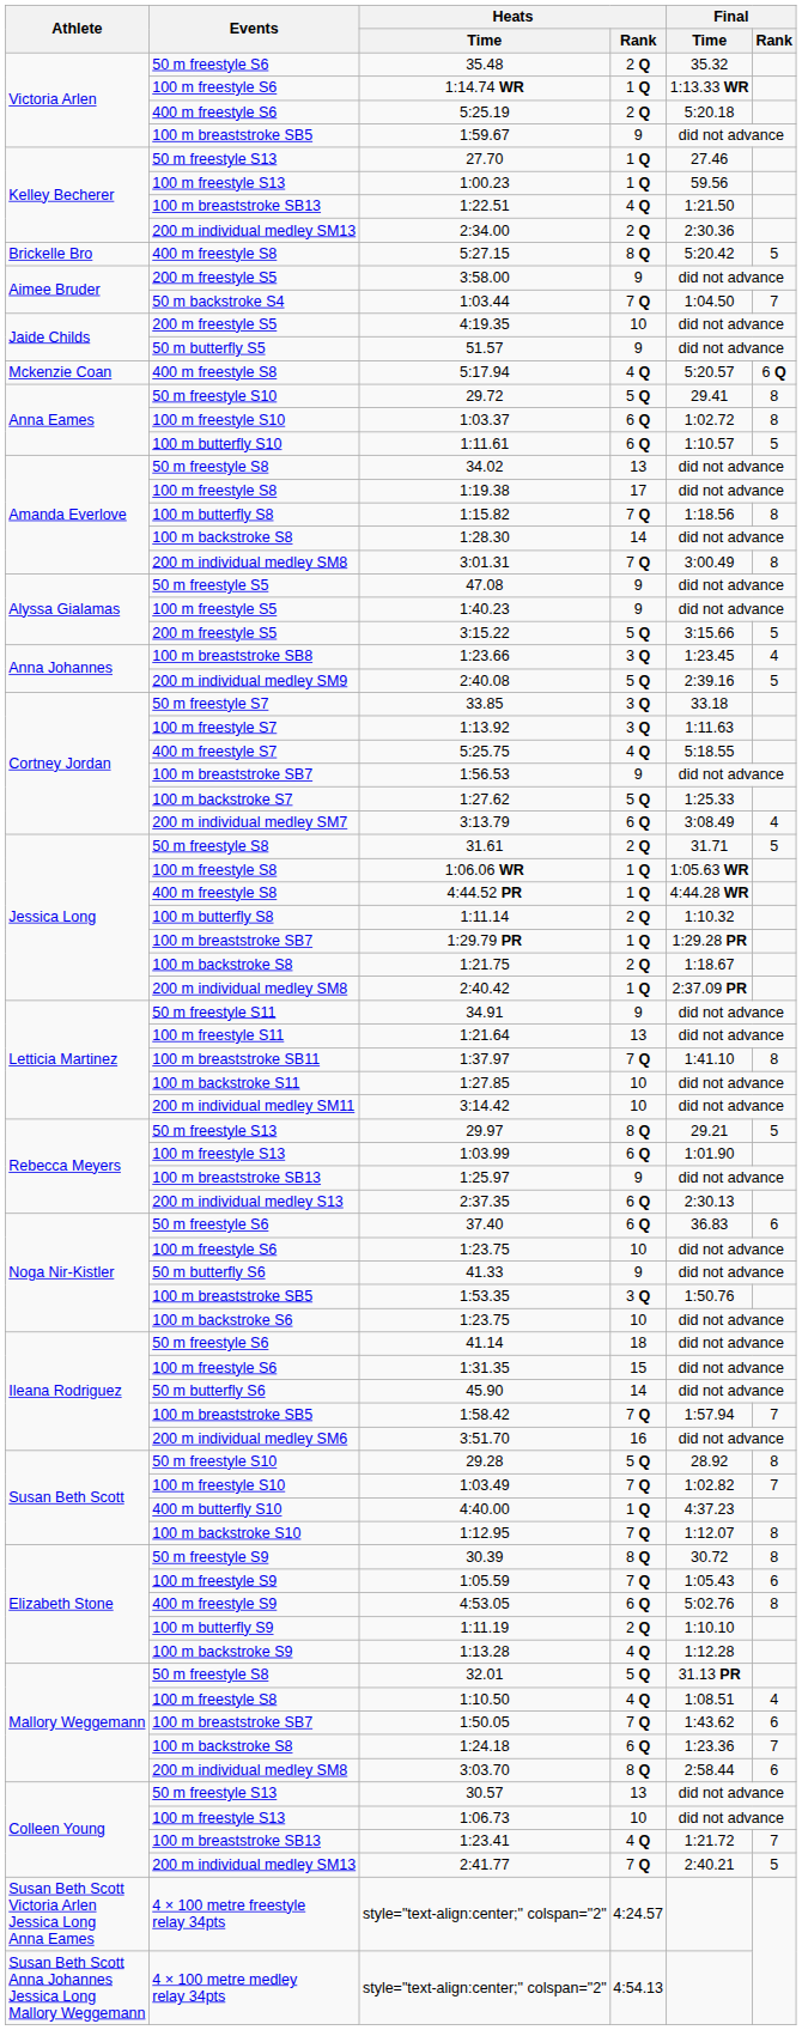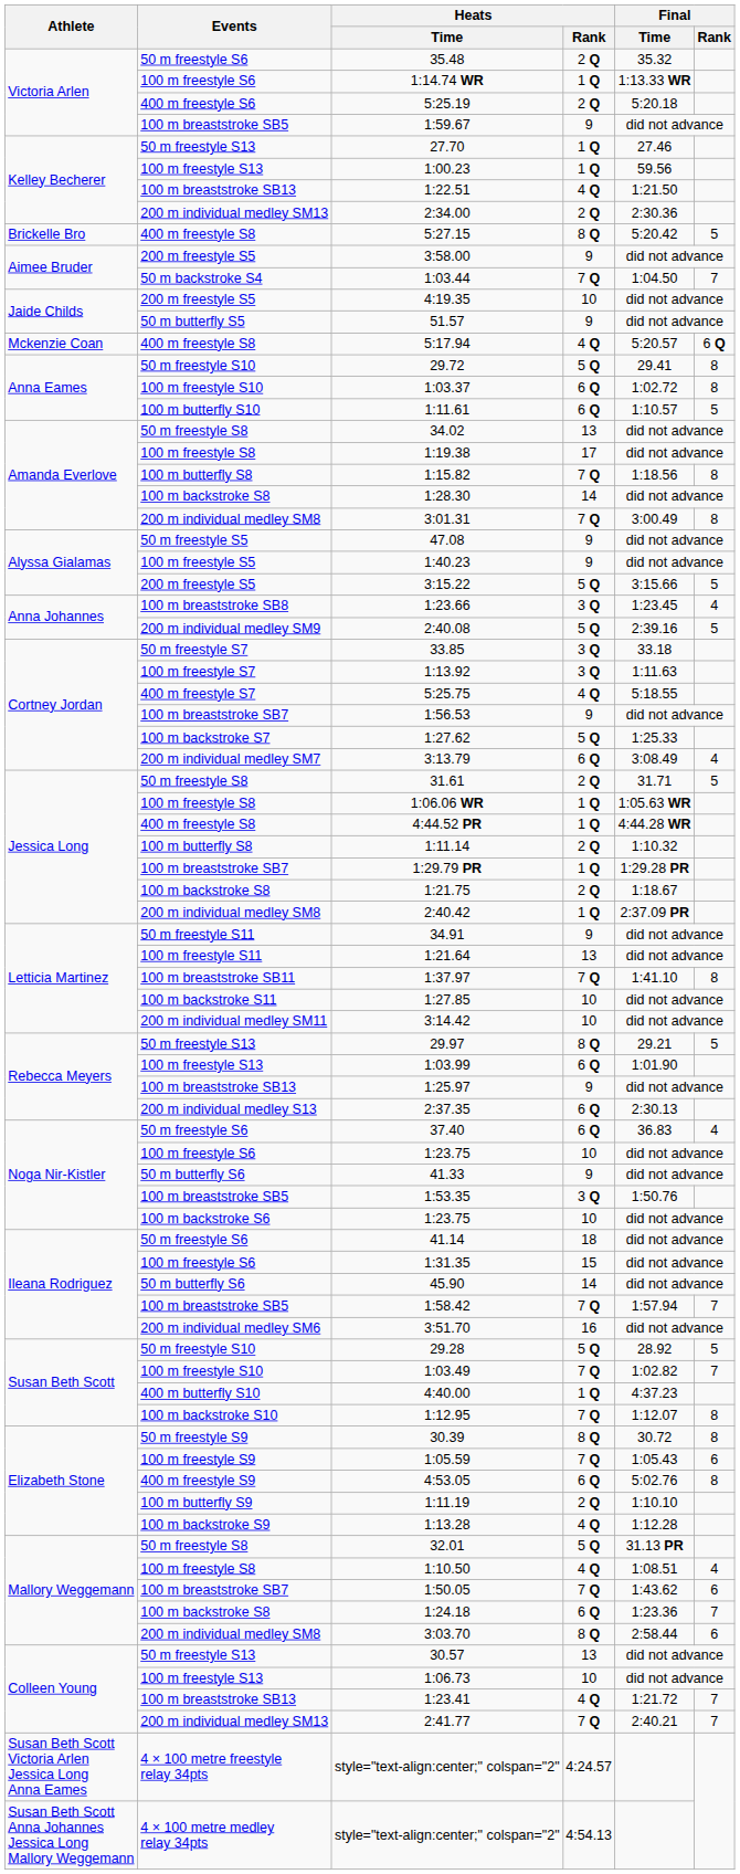 <table class=wikitable>
 <tr>
 <th rowspan="2">Athlete</th>
 <th rowspan="2">Events</th>
 <th colspan="2">Heats</th>
 <th colspan="2">Final</th>
 </tr>
 <tr>
 <th>Time</th>
 <th>Rank</th>
 <th>Time</th>
 <th>Rank</th>
 </tr>
 <tr>
 <td rowspan="4"><a href='#'>Victoria Arlen</a></td>
 <td><a href='#'>50 m freestyle S6</a></td>
 <td style="text-align:center;">35.48</td>
 <td style="text-align:center;">2 <strong>Q</strong></td>
 <td style="text-align:center;">35.32</td>
 <td style="text-align:center;"></td>
 </tr>
 <tr>
 <td><a href='#'>100 m freestyle S6</a></td>
 <td style="text-align:center;">1:14.74 <strong>WR</strong></td>
 <td style="text-align:center;">1 <strong>Q</strong></td>
 <td style="text-align:center;">1:13.33 <strong>WR</strong></td>
 <td style="text-align:center;"></td>
 </tr>
 <tr>
 <td><a href='#'>400 m freestyle S6</a></td>
 <td style="text-align:center;">5:25.19</td>
 <td style="text-align:center;">2 <strong>Q</strong></td>
 <td style="text-align:center;">5:20.18</td>
 <td style="text-align:center;"></td>
 </tr>
 <tr>
 <td><a href='#'>100 m breaststroke SB5</a></td>
 <td style="text-align:center;">1:59.67</td>
 <td style="text-align:center;">9</td>
 <td style="text-align:center;" colspan="2">did not advance</td>
 </tr>
 <tr>
 <td rowspan="4"><a href='#'>Kelley Becherer</a></td>
 <td><a href='#'>50 m freestyle S13</a></td>
 <td style="text-align:center;">27.70</td>
 <td style="text-align:center;">1 <strong>Q</strong></td>
 <td style="text-align:center;">27.46</td>
 <td style="text-align:center;"></td>
 </tr>
 <tr>
 <td><a href='#'>100 m freestyle S13</a></td>
 <td style="text-align:center;">1:00.23</td>
 <td style="text-align:center;">1 <strong>Q</strong></td>
 <td style="text-align:center;">59.56</td>
 <td style="text-align:center;"></td>
 </tr>
 <tr>
 <td><a href='#'>100 m breaststroke SB13</a></td>
 <td style="text-align:center;">1:22.51</td>
 <td style="text-align:center;">4 <strong>Q</strong></td>
 <td style="text-align:center;">1:21.50</td>
 <td style="text-align:center;"></td>
 </tr>
 <tr>
 <td><a href='#'>200 m individual medley SM13</a></td>
 <td style="text-align:center;">2:34.00</td>
 <td style="text-align:center;">2 <strong>Q</strong></td>
 <td style="text-align:center;">2:30.36</td>
 <td style="text-align:center;"></td>
 </tr>
 <tr>
 <td><a href='#'>Brickelle Bro</a></td>
 <td><a href='#'>400 m freestyle S8</a></td>
 <td style="text-align:center;">5:27.15</td>
 <td style="text-align:center;">8 <strong>Q</strong></td>
 <td style="text-align:center;">5:20.42</td>
 <td style="text-align:center;">5</td>
 </tr>
 <tr>
 <td rowspan="2"><a href='#'>Aimee Bruder</a></td>
 <td><a href='#'>200 m freestyle S5</a></td>
 <td style="text-align:center;">3:58.00</td>
 <td style="text-align:center;">9</td>
 <td style="text-align:center;" colspan="2">did not advance</td>
 </tr>
 <tr>
 <td><a href='#'>50 m backstroke S4</a></td>
 <td style="text-align:center;">1:03.44</td>
 <td style="text-align:center;">7 <strong>Q</strong></td>
 <td style="text-align:center;">1:04.50</td>
 <td style="text-align:center;">7</td>
 </tr>
 <tr>
 <td rowspan="2"><a href='#'>Jaide Childs</a></td>
 <td><a href='#'>200 m freestyle S5</a></td>
 <td style="text-align:center;">4:19.35</td>
 <td style="text-align:center;">10</td>
 <td style="text-align:center;" colspan="2">did not advance</td>
 </tr>
 <tr>
 <td><a href='#'>50 m butterfly S5</a></td>
 <td style="text-align:center;">51.57</td>
 <td style="text-align:center;">9</td>
 <td style="text-align:center;" colspan="2">did not advance</td>
 </tr>
 <tr>
 <td><a href='#'>Mckenzie Coan</a></td>
 <td><a href='#'>400 m freestyle S8</a></td>
 <td style="text-align:center;">5:17.94</td>
 <td style="text-align:center;">4 <strong>Q</strong></td>
 <td style="text-align:center;">5:20.57</td>
 <td style="text-align:center;">6 <strong>Q</strong></td>
 </tr>
 <tr>
 <td rowspan="3"><a href='#'>Anna Eames</a></td>
 <td><a href='#'>50 m freestyle S10</a></td>
 <td style="text-align:center;">29.72</td>
 <td style="text-align:center;">5 <strong>Q</strong></td>
 <td style="text-align:center;">29.41</td>
 <td style="text-align:center;">8</td>
 </tr>
 <tr>
 <td><a href='#'>100 m freestyle S10</a></td>
 <td style="text-align:center;">1:03.37</td>
 <td style="text-align:center;">6 <strong>Q</strong></td>
 <td style="text-align:center;">1:02.72</td>
 <td style="text-align:center;">8</td>
 </tr>
 <tr>
 <td><a href='#'>100 m butterfly S10</a></td>
 <td style="text-align:center;">1:11.61</td>
 <td style="text-align:center;">6 <strong>Q</strong></td>
 <td style="text-align:center;">1:10.57</td>
 <td style="text-align:center;">5</td>
 </tr>
 <tr>
 <td rowspan="5"><a href='#'>Amanda Everlove</a></td>
 <td><a href='#'>50 m freestyle S8</a></td>
 <td style="text-align:center;">34.02</td>
 <td style="text-align:center;">13</td>
 <td style="text-align:center;" colspan="2">did not advance</td>
 </tr>
 <tr>
 <td><a href='#'>100 m freestyle S8</a></td>
 <td style="text-align:center;">1:19.38</td>
 <td style="text-align:center;">17</td>
 <td style="text-align:center;" colspan="2">did not advance</td>
 </tr>
 <tr>
 <td><a href='#'>100 m butterfly S8</a></td>
 <td style="text-align:center;">1:15.82</td>
 <td style="text-align:center;">7 <strong>Q</strong></td>
 <td style="text-align:center;">1:18.56</td>
 <td style="text-align:center;">8</td>
 </tr>
 <tr>
 <td><a href='#'>100 m backstroke S8</a></td>
 <td style="text-align:center;">1:28.30</td>
 <td style="text-align:center;">14</td>
 <td style="text-align:center;" colspan="2">did not advance</td>
 </tr>
 <tr>
 <td><a href='#'>200 m individual medley SM8</a></td>
 <td style="text-align:center;">3:01.31</td>
 <td style="text-align:center;">7 <strong>Q</strong></td>
 <td style="text-align:center;">3:00.49</td>
 <td style="text-align:center;">8</td>
 </tr>
 <tr>
 <td rowspan="3"><a href='#'>Alyssa Gialamas</a></td>
 <td><a href='#'>50 m freestyle S5</a></td>
 <td style="text-align:center;">47.08</td>
 <td style="text-align:center;">9</td>
 <td style="text-align:center;" colspan="2">did not advance</td>
 </tr>
 <tr>
 <td><a href='#'>100 m freestyle S5</a></td>
 <td style="text-align:center;">1:40.23</td>
 <td style="text-align:center;">9</td>
 <td style="text-align:center;" colspan="2">did not advance</td>
 </tr>
 <tr>
 <td><a href='#'>200 m freestyle S5</a></td>
 <td style="text-align:center;">3:15.22</td>
 <td style="text-align:center;">5 <strong>Q</strong></td>
 <td style="text-align:center;">3:15.66</td>
 <td style="text-align:center;">5</td>
 </tr>
 <tr>
 <td rowspan="2"><a href='#'>Anna Johannes</a></td>
 <td><a href='#'>100 m breaststroke SB8</a></td>
 <td style="text-align:center;">1:23.66</td>
 <td style="text-align:center;">3 <strong>Q</strong></td>
 <td style="text-align:center;">1:23.45</td>
 <td style="text-align:center;">4</td>
 </tr>
 <tr>
 <td><a href='#'>200 m individual medley SM9</a></td>
 <td style="text-align:center;">2:40.08</td>
 <td style="text-align:center;">5 <strong>Q</strong></td>
 <td style="text-align:center;">2:39.16</td>
 <td style="text-align:center;">5</td>
 </tr>
 <tr>
 <td rowspan="6"><a href='#'>Cortney Jordan</a></td>
 <td><a href='#'>50 m freestyle S7</a></td>
 <td style="text-align:center;">33.85</td>
 <td style="text-align:center;">3 <strong>Q</strong></td>
 <td style="text-align:center;">33.18</td>
 <td style="text-align:center;"></td>
 </tr>
 <tr>
 <td><a href='#'>100 m freestyle S7</a></td>
 <td style="text-align:center;">1:13.92</td>
 <td style="text-align:center;">3 <strong>Q</strong></td>
 <td style="text-align:center;">1:11.63</td>
 <td style="text-align:center;"></td>
 </tr>
 <tr>
 <td><a href='#'>400 m freestyle S7</a></td>
 <td style="text-align:center;">5:25.75</td>
 <td style="text-align:center;">4 <strong>Q</strong></td>
 <td style="text-align:center;">5:18.55</td>
 <td style="text-align:center;"></td>
 </tr>
 <tr>
 <td><a href='#'>100 m breaststroke SB7</a></td>
 <td style="text-align:center;">1:56.53</td>
 <td style="text-align:center;">9</td>
 <td style="text-align:center;" colspan="2">did not advance</td>
 </tr>
 <tr>
 <td><a href='#'>100 m backstroke S7</a></td>
 <td style="text-align:center;">1:27.62</td>
 <td style="text-align:center;">5 <strong>Q</strong></td>
 <td style="text-align:center;">1:25.33</td>
 <td style="text-align:center;"></td>
 </tr>
 <tr>
 <td><a href='#'>200 m individual medley SM7</a></td>
 <td style="text-align:center;">3:13.79</td>
 <td style="text-align:center;">6 <strong>Q</strong></td>
 <td style="text-align:center;">3:08.49</td>
 <td style="text-align:center;">4</td>
 </tr>
 <tr>
 <td rowspan="7"><a href='#'>Jessica Long</a></td>
 <td><a href='#'>50 m freestyle S8</a></td>
 <td style="text-align:center;">31.61</td>
 <td style="text-align:center;">2 <strong>Q</strong></td>
 <td style="text-align:center;">31.71</td>
 <td style="text-align:center;">5</td>
 </tr>
 <tr>
 <td><a href='#'>100 m freestyle S8</a></td>
 <td style="text-align:center;">1:06.06 <strong>WR</strong></td>
 <td style="text-align:center;">1 <strong>Q</strong></td>
 <td style="text-align:center;">1:05.63 <strong>WR</strong></td>
 <td style="text-align:center;"></td>
 </tr>
 <tr>
 <td><a href='#'>400 m freestyle S8</a></td>
 <td style="text-align:center;">4:44.52 <strong>PR</strong></td>
 <td style="text-align:center;">1 <strong>Q</strong></td>
 <td style="text-align:center;">4:44.28 <strong>WR</strong></td>
 <td style="text-align:center;"></td>
 </tr>
 <tr>
 <td><a href='#'>100 m butterfly S8</a></td>
 <td style="text-align:center;">1:11.14</td>
 <td style="text-align:center;">2 <strong>Q</strong></td>
 <td style="text-align:center;">1:10.32</td>
 <td style="text-align:center;"></td>
 </tr>
 <tr>
 <td><a href='#'>100 m breaststroke SB7</a></td>
 <td style="text-align:center;">1:29.79 <strong>PR</strong></td>
 <td style="text-align:center;">1 <strong>Q</strong></td>
 <td style="text-align:center;">1:29.28 <strong>PR</strong></td>
 <td style="text-align:center;"></td>
 </tr>
 <tr>
 <td><a href='#'>100 m backstroke S8</a></td>
 <td style="text-align:center;">1:21.75</td>
 <td style="text-align:center;">2 <strong>Q</strong></td>
 <td style="text-align:center;">1:18.67</td>
 <td style="text-align:center;"></td>
 </tr>
 <tr>
 <td><a href='#'>200 m individual medley SM8</a></td>
 <td style="text-align:center;">2:40.42</td>
 <td style="text-align:center;">1 <strong>Q</strong></td>
 <td style="text-align:center;">2:37.09 <strong>PR</strong></td>
 <td style="text-align:center;"></td>
 </tr>
 <tr>
 <td rowspan="5"><a href='#'>Letticia Martinez</a></td>
 <td><a href='#'>50 m freestyle S11</a></td>
 <td style="text-align:center;">34.91</td>
 <td style="text-align:center;">9</td>
 <td style="text-align:center;" colspan="2">did not advance</td>
 </tr>
 <tr>
 <td><a href='#'>100 m freestyle S11</a></td>
 <td style="text-align:center;">1:21.64</td>
 <td style="text-align:center;">13</td>
 <td style="text-align:center;" colspan="2">did not advance</td>
 </tr>
 <tr>
 <td><a href='#'>100 m breaststroke SB11</a></td>
 <td style="text-align:center;">1:37.97</td>
 <td style="text-align:center;">7 <strong>Q</strong></td>
 <td style="text-align:center;">1:41.10</td>
 <td style="text-align:center;">8</td>
 </tr>
 <tr>
 <td><a href='#'>100 m backstroke S11</a></td>
 <td style="text-align:center;">1:27.85</td>
 <td style="text-align:center;">10</td>
 <td style="text-align:center;" colspan="2">did not advance</td>
 </tr>
 <tr>
 <td><a href='#'>200 m individual medley SM11</a></td>
 <td style="text-align:center;">3:14.42</td>
 <td style="text-align:center;">10</td>
 <td style="text-align:center;" colspan="2">did not advance</td>
 </tr>
 <tr>
 <td rowspan="4"><a href='#'>Rebecca Meyers</a></td>
 <td><a href='#'>50 m freestyle S13</a></td>
 <td style="text-align:center;">29.97</td>
 <td style="text-align:center;">8 <strong>Q</strong></td>
 <td style="text-align:center;">29.21</td>
 <td style="text-align:center;">5</td>
 </tr>
 <tr>
 <td><a href='#'>100 m freestyle S13</a></td>
 <td style="text-align:center;">1:03.99</td>
 <td style="text-align:center;">6 <strong>Q</strong></td>
 <td style="text-align:center;">1:01.90</td>
 <td style="text-align:center;"></td>
 </tr>
 <tr>
 <td><a href='#'>100 m breaststroke SB13</a></td>
 <td style="text-align:center;">1:25.97</td>
 <td style="text-align:center;">9</td>
 <td style="text-align:center;" colspan="2">did not advance</td>
 </tr>
 <tr>
 <td><a href='#'>200 m individual medley S13</a></td>
 <td style="text-align:center;">2:37.35</td>
 <td style="text-align:center;">6 <strong>Q</strong></td>
 <td style="text-align:center;">2:30.13</td>
 <td style="text-align:center;"></td>
 </tr>
 <tr>
 <td rowspan="5"><a href='#'>Noga Nir-Kistler</a></td>
 <td><a href='#'>50 m freestyle S6</a></td>
 <td style="text-align:center;">37.40</td>
 <td style="text-align:center;">6 <strong>Q</strong></td>
 <td style="text-align:center;">36.83</td>
-<td style="text-align:center;">6</td>
+<td style="text-align:center;">4</td>
 </tr>
 <tr>
 <td><a href='#'>100 m freestyle S6</a></td>
 <td style="text-align:center;">1:23.75</td>
 <td style="text-align:center;">10</td>
 <td style="text-align:center;" colspan="2">did not advance</td>
 </tr>
 <tr>
 <td><a href='#'>50 m butterfly S6</a></td>
 <td style="text-align:center;">41.33</td>
 <td style="text-align:center;">9</td>
 <td style="text-align:center;" colspan="2">did not advance</td>
 </tr>
 <tr>
 <td><a href='#'>100 m breaststroke SB5</a></td>
 <td style="text-align:center;">1:53.35</td>
 <td style="text-align:center;">3 <strong>Q</strong></td>
 <td style="text-align:center;">1:50.76</td>
 <td style="text-align:center;"></td>
 </tr>
 <tr>
 <td><a href='#'>100 m backstroke S6</a></td>
 <td style="text-align:center;">1:23.75</td>
 <td style="text-align:center;">10</td>
 <td style="text-align:center;" colspan="2">did not advance</td>
 </tr>
 <tr>
 <td rowspan="5"><a href='#'>Ileana Rodriguez</a></td>
 <td><a href='#'>50 m freestyle S6</a></td>
 <td style="text-align:center;">41.14</td>
 <td style="text-align:center;">18</td>
 <td style="text-align:center;" colspan="2">did not advance</td>
 </tr>
 <tr>
 <td><a href='#'>100 m freestyle S6</a></td>
 <td style="text-align:center;">1:31.35</td>
 <td style="text-align:center;">15</td>
 <td style="text-align:center;" colspan="2">did not advance</td>
 </tr>
 <tr>
 <td><a href='#'>50 m butterfly S6</a></td>
 <td style="text-align:center;">45.90</td>
 <td style="text-align:center;">14</td>
 <td style="text-align:center;" colspan="2">did not advance</td>
 </tr>
 <tr>
 <td><a href='#'>100 m breaststroke SB5</a></td>
 <td style="text-align:center;">1:58.42</td>
 <td style="text-align:center;">7 <strong>Q</strong></td>
 <td style="text-align:center;">1:57.94</td>
 <td style="text-align:center;">7</td>
 </tr>
 <tr>
 <td><a href='#'>200 m individual medley SM6</a></td>
 <td style="text-align:center;">3:51.70</td>
 <td style="text-align:center;">16</td>
 <td style="text-align:center;" colspan="2">did not advance</td>
 </tr>
 <tr>
 <td rowspan="4"><a href='#'>Susan Beth Scott</a></td>
 <td><a href='#'>50 m freestyle S10</a></td>
 <td style="text-align:center;">29.28</td>
 <td style="text-align:center;">5 <strong>Q</strong></td>
 <td style="text-align:center;">28.92</td>
-<td style="text-align:center;">8</td>
+<td style="text-align:center;">5</td>
 </tr>
 <tr>
 <td><a href='#'>100 m freestyle S10</a></td>
 <td style="text-align:center;">1:03.49</td>
 <td style="text-align:center;">7 <strong>Q</strong></td>
 <td style="text-align:center;">1:02.82</td>
 <td style="text-align:center;">7</td>
 </tr>
 <tr>
 <td><a href='#'>400 m butterfly S10</a></td>
 <td style="text-align:center;">4:40.00</td>
 <td style="text-align:center;">1 <strong>Q</strong></td>
 <td style="text-align:center;">4:37.23</td>
 <td style="text-align:center;"></td>
 </tr>
 <tr>
 <td><a href='#'>100 m backstroke S10</a></td>
 <td style="text-align:center;">1:12.95</td>
 <td style="text-align:center;">7 <strong>Q</strong></td>
 <td style="text-align:center;">1:12.07</td>
 <td style="text-align:center;">8</td>
 </tr>
 <tr>
 <td rowspan="5"><a href='#'>Elizabeth Stone</a></td>
 <td><a href='#'>50 m freestyle S9</a></td>
 <td style="text-align:center;">30.39</td>
 <td style="text-align:center;">8 <strong>Q</strong></td>
 <td style="text-align:center;">30.72</td>
 <td style="text-align:center;">8</td>
 </tr>
 <tr>
 <td><a href='#'>100 m freestyle S9</a></td>
 <td style="text-align:center;">1:05.59</td>
 <td style="text-align:center;">7 <strong>Q</strong></td>
 <td style="text-align:center;">1:05.43</td>
 <td style="text-align:center;">6</td>
 </tr>
 <tr>
 <td><a href='#'>400 m freestyle S9</a></td>
 <td style="text-align:center;">4:53.05</td>
 <td style="text-align:center;">6 <strong>Q</strong></td>
 <td style="text-align:center;">5:02.76</td>
 <td style="text-align:center;">8</td>
 </tr>
 <tr>
 <td><a href='#'>100 m butterfly S9</a></td>
 <td style="text-align:center;">1:11.19</td>
 <td style="text-align:center;">2 <strong>Q</strong></td>
 <td style="text-align:center;">1:10.10</td>
 <td style="text-align:center;"></td>
 </tr>
 <tr>
 <td><a href='#'>100 m backstroke S9</a></td>
 <td style="text-align:center;">1:13.28</td>
 <td style="text-align:center;">4 <strong>Q</strong></td>
 <td style="text-align:center;">1:12.28</td>
 <td style="text-align:center;"></td>
 </tr>
 <tr>
 <td rowspan="5"><a href='#'>Mallory Weggemann</a></td>
 <td><a href='#'>50 m freestyle S8</a></td>
 <td style="text-align:center;">32.01</td>
 <td style="text-align:center;">5 <strong>Q</strong></td>
 <td style="text-align:center;">31.13 <strong>PR</strong></td>
 <td style="text-align:center;"></td>
 </tr>
 <tr>
 <td><a href='#'>100 m freestyle S8</a></td>
 <td style="text-align:center;">1:10.50</td>
 <td style="text-align:center;">4 <strong>Q</strong></td>
 <td style="text-align:center;">1:08.51</td>
 <td style="text-align:center;">4</td>
 </tr>
 <tr>
 <td><a href='#'>100 m breaststroke SB7</a></td>
 <td style="text-align:center;">1:50.05</td>
 <td style="text-align:center;">7 <strong>Q</strong></td>
 <td style="text-align:center;">1:43.62</td>
 <td style="text-align:center;">6</td>
 </tr>
 <tr>
 <td><a href='#'>100 m backstroke S8</a></td>
 <td style="text-align:center;">1:24.18</td>
 <td style="text-align:center;">6 <strong>Q</strong></td>
 <td style="text-align:center;">1:23.36</td>
 <td style="text-align:center;">7</td>
 </tr>
 <tr>
 <td><a href='#'>200 m individual medley SM8</a></td>
 <td style="text-align:center;">3:03.70</td>
 <td style="text-align:center;">8 <strong>Q</strong></td>
 <td style="text-align:center;">2:58.44</td>
 <td style="text-align:center;">6</td>
 </tr>
 <tr>
 <td rowspan="4"><a href='#'>Colleen Young</a></td>
 <td><a href='#'>50 m freestyle S13</a></td>
 <td style="text-align:center;">30.57</td>
 <td style="text-align:center;">13</td>
 <td style="text-align:center;" colspan="2">did not advance</td>
 </tr>
 <tr>
 <td><a href='#'>100 m freestyle S13</a></td>
 <td style="text-align:center;">1:06.73</td>
 <td style="text-align:center;">10</td>
 <td style="text-align:center;" colspan="2">did not advance</td>
 </tr>
 <tr>
 <td><a href='#'>100 m breaststroke SB13</a></td>
 <td style="text-align:center;">1:23.41</td>
 <td style="text-align:center;">4 <strong>Q</strong></td>
 <td style="text-align:center;">1:21.72</td>
 <td style="text-align:center;">7</td>
 </tr>
 <tr>
 <td><a href='#'>200 m individual medley SM13</a></td>
 <td style="text-align:center;">2:41.77</td>
 <td style="text-align:center;">7 <strong>Q</strong></td>
 <td style="text-align:center;">2:40.21</td>
-<td style="text-align:center;">5</td>
+<td style="text-align:center;">7</td>
 </tr>
 <tr>
 <td><a href='#'>Susan Beth Scott</a><br><a href='#'>Victoria Arlen</a><br><a href='#'>Jessica Long</a><br><a href='#'>Anna Eames</a></td>
 <td><a href='#'>4 × 100 metre freestyle<br>relay 34pts</a></td>
 <td>style="text-align:center;" colspan="2" </td>
 <td style="text-align:center;">4:24.57</td>
 <td style="text-align:center;"></td>
 </tr>
 <tr>
 <td><a href='#'>Susan Beth Scott</a><br><a href='#'>Anna Johannes</a><br><a href='#'>Jessica Long</a><br><a href='#'>Mallory Weggemann</a></td>
 <td><a href='#'>4 × 100 metre medley<br>relay 34pts</a></td>
 <td>style="text-align:center;" colspan="2" </td>
 <td style="text-align:center;">4:54.13</td>
 <td style="text-align:center;"></td>
 </tr>
 </table>
